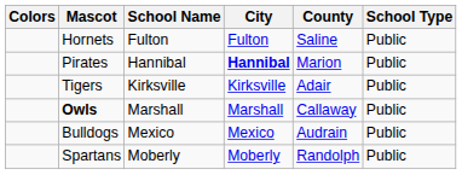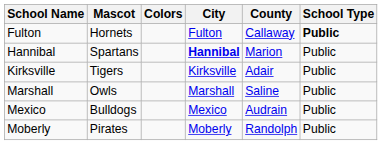 <table class="wikitable">
 <tr>
+<th>School Name</th>
+<th>Mascot</th>
 <th>Colors</th>
-<th>Mascot</th>
-<th>School Name</th>
 <th>City</th>
 <th>County</th>
 <th>School Type</th>
 </tr>
 <tr>
+<td>Fulton</td>
+<td>Hornets</td>
 <td></td>
-<td>Hornets</td>
-<td>Fulton</td>
 <td><a href='#'>Fulton</a></td>
-<td><a href='#'>Saline</a></td>
-<td>Public</td>
+<td><a href='#'>Callaway</a></td>
+<td><strong>Public</strong></td>
 </tr>
 <tr>
+<td>Hannibal</td>
+<td>Spartans</td>
 <td></td>
-<td>Pirates</td>
-<td>Hannibal</td>
 <td><strong><a href='#'>Hannibal</a></strong></td>
 <td><a href='#'>Marion</a></td>
 <td>Public</td>
 </tr>
 <tr>
+<td>Kirksville</td>
+<td>Tigers</td>
 <td></td>
-<td>Tigers</td>
-<td>Kirksville</td>
 <td><a href='#'>Kirksville</a></td>
 <td><a href='#'>Adair</a></td>
 <td>Public</td>
 </tr>
 <tr>
+<td>Marshall</td>
+<td>Owls</td>
 <td></td>
-<td><strong>Owls</strong></td>
-<td>Marshall</td>
 <td><a href='#'>Marshall</a></td>
-<td><a href='#'>Callaway</a></td>
+<td><a href='#'>Saline</a></td>
 <td>Public</td>
 </tr>
 <tr>
+<td>Mexico</td>
+<td>Bulldogs</td>
 <td></td>
-<td>Bulldogs</td>
-<td>Mexico</td>
 <td><a href='#'>Mexico</a></td>
 <td><a href='#'>Audrain</a></td>
 <td>Public</td>
 </tr>
 <tr>
+<td>Moberly</td>
+<td>Pirates</td>
 <td></td>
-<td>Spartans</td>
-<td>Moberly</td>
 <td><a href='#'>Moberly</a></td>
 <td><a href='#'>Randolph</a></td>
 <td>Public</td>
 </tr>
 </table>
